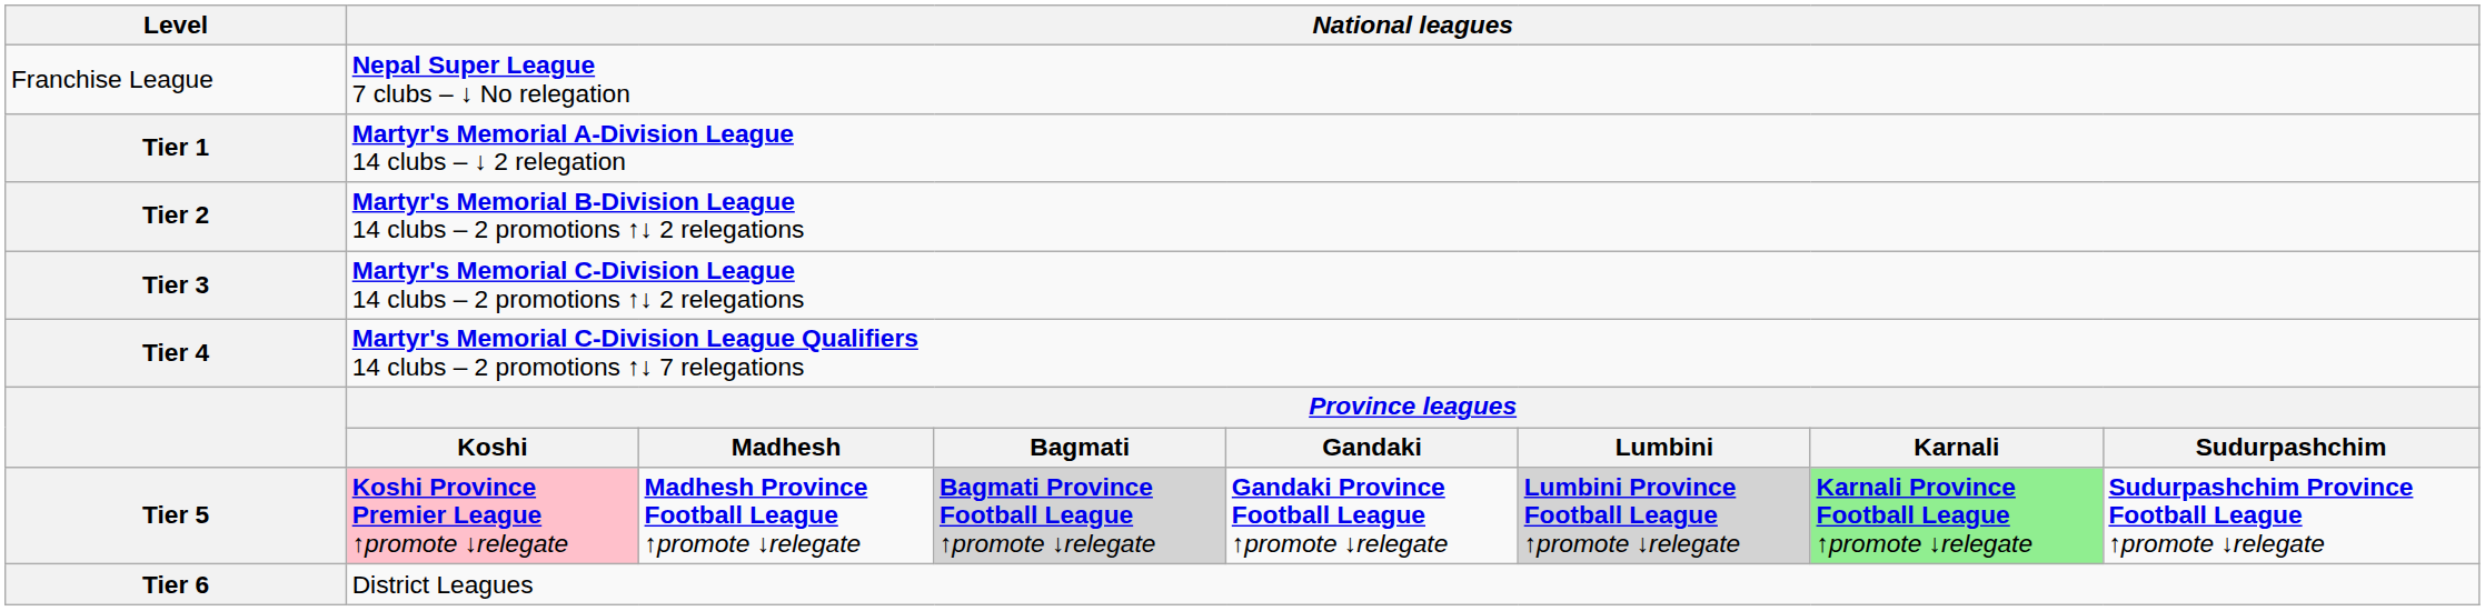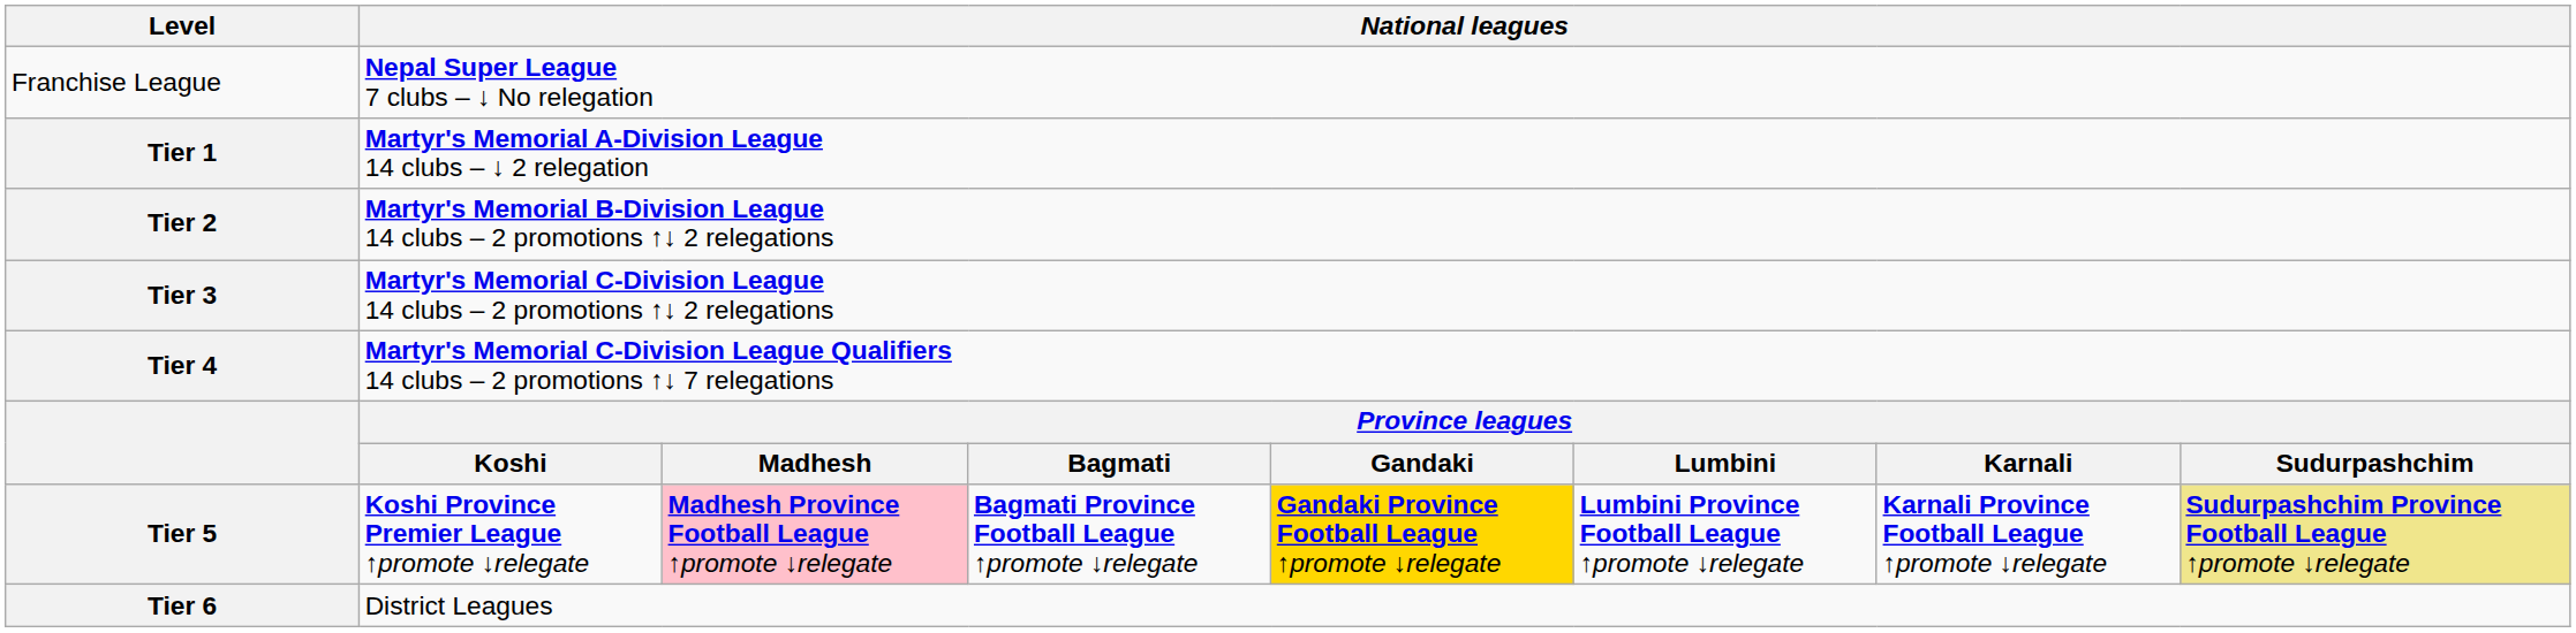 <table class="wikitable">
 <tr>
 <th width="5%">Level</th>
 <th colspan="7" width="95%"><em>National leagues</em></th>
 </tr>
 <tr>
 <td>Franchise League</td>
 <td colspan="7" align="left"><strong><a href='#'>Nepal Super League</a></strong> <br> 7 clubs – ↓ No relegation</td>
 </tr>
 <tr>
 <th>Tier 1</th>
 <td colspan="7" align="left"><strong><a href='#'>Martyr's Memorial A-Division League</a></strong> <br> 14 clubs – ↓ 2 relegation</td>
 </tr>
 <tr>
 <th>Tier 2</th>
 <td colspan="7" align="left"><strong><a href='#'>Martyr's Memorial B-Division League</a></strong> <br> 14 clubs – 2 promotions ↑↓ 2 relegations</td>
 </tr>
 <tr>
 <th>Tier 3</th>
 <td colspan="7" align="left"><strong><a href='#'>Martyr's Memorial C-Division League</a></strong> <br> 14 clubs – 2 promotions ↑↓ 2 relegations</td>
 </tr>
 <tr>
 <th>Tier 4</th>
 <td colspan="7" align="left"><strong><a href='#'>Martyr's Memorial C-Division League Qualifiers</a></strong> <br> 14 clubs – 2 promotions ↑↓ 7 relegations</td>
 </tr>
 <tr>
 <th rowspan="2"></th>
 <th colspan="7"><span><em><a href='#'>Province leagues</a></em></span></th>
 </tr>
 <tr>
 <th width="4%">Koshi</th>
 <th width="4%">Madhesh</th>
 <th width="4%">Bagmati</th>
 <th width="4%">Gandaki</th>
 <th width="4%">Lumbini</th>
 <th width="4%">Karnali</th>
 <th width="4%">Sudurpashchim</th>
 </tr>
 <tr>
 <th>Tier 5</th>
-<td style="background: pink;"><strong><a href='#'>Koshi Province Premier League</a></strong><br><em>↑promote</em> <em>↓relegate</em></td>
-<td><strong><a href='#'>Madhesh Province Football League</a></strong><br><em>↑promote</em> <em>↓relegate</em></td>
-<td style="background: lightgrey;"><strong><a href='#'>Bagmati Province Football League</a></strong><br><em>↑promote</em> <em>↓relegate</em></td>
-<td><strong><a href='#'>Gandaki Province Football League</a></strong><br><em>↑promote</em> <em>↓relegate</em></td>
-<td style="background: lightgrey;"><strong><a href='#'>Lumbini Province Football League</a></strong><br><em>↑promote</em> <em>↓relegate</em></td>
-<td style="background: lightgreen;"><strong><a href='#'>Karnali Province Football League</a></strong><br><em>↑promote</em> <em>↓relegate</em></td>
-<td><strong><a href='#'>Sudurpashchim Province Football League</a></strong><br><em>↑promote</em> <em>↓relegate</em></td>
+<td><strong><a href='#'>Koshi Province Premier League</a></strong><br><em>↑promote</em> <em>↓relegate</em></td>
+<td style="background: pink;"><strong><a href='#'>Madhesh Province Football League</a></strong><br><em>↑promote</em> <em>↓relegate</em></td>
+<td><strong><a href='#'>Bagmati Province Football League</a></strong><br><em>↑promote</em> <em>↓relegate</em></td>
+<td style="background: gold;"><strong><a href='#'>Gandaki Province Football League</a></strong><br><em>↑promote</em> <em>↓relegate</em></td>
+<td><strong><a href='#'>Lumbini Province Football League</a></strong><br><em>↑promote</em> <em>↓relegate</em></td>
+<td><strong><a href='#'>Karnali Province Football League</a></strong><br><em>↑promote</em> <em>↓relegate</em></td>
+<td style="background: khaki;"><strong><a href='#'>Sudurpashchim Province Football League</a></strong><br><em>↑promote</em> <em>↓relegate</em></td>
 </tr>
 <tr>
 <th>Tier 6</th>
 <td colspan=7>District Leagues</td>
 </tr>
 </table>
